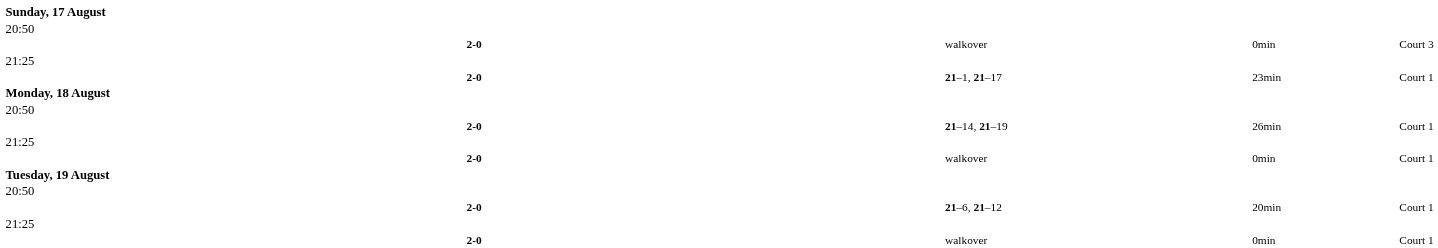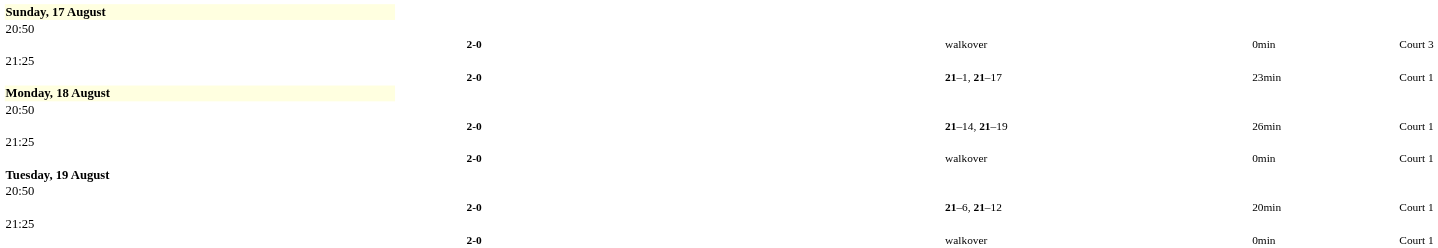 <table style="width:100%;" cellspacing="1">
 <tr>
 <th width=25%></th>
 <th width=10%></th>
 <th width=25%></th>
 </tr>
 <tr>
-<td><strong>Sunday, 17 August</strong></td>
+<td style="background: lightyellow;"><strong>Sunday, 17 August</strong></td>
 </tr>
 <tr>
 <td>20:50</td>
 </tr>
 <tr style=font-size:90%>
 <td align=right><strong><br></strong></td>
 <td align=center><strong> 2-0 </strong></td>
 <td><br></td>
 <td>walkover</td>
 <td>0min</td>
 <td>Court 3</td>
 </tr>
 <tr>
 <td>21:25</td>
 </tr>
 <tr style=font-size:90%>
 <td align=right><strong><br></strong></td>
 <td align=center><strong> 2-0 </strong></td>
 <td><br></td>
 <td><strong>21</strong>–1, <strong>21</strong>–17</td>
 <td>23min</td>
 <td>Court 1</td>
 </tr>
 <tr>
-<td><strong>Monday, 18 August</strong></td>
+<td style="background: lightyellow;"><strong>Monday, 18 August</strong></td>
 </tr>
 <tr>
 <td>20:50</td>
 </tr>
 <tr style=font-size:90%>
 <td align=right><strong><br></strong></td>
 <td align=center><strong> 2-0 </strong></td>
 <td><br></td>
 <td><strong>21</strong>–14, <strong>21</strong>–19</td>
 <td>26min</td>
 <td>Court 1</td>
 </tr>
 <tr>
 <td>21:25</td>
 </tr>
 <tr style=font-size:90%>
 <td align=right><strong><br></strong></td>
 <td align=center><strong> 2-0 </strong></td>
 <td><br></td>
 <td>walkover</td>
 <td>0min</td>
 <td>Court 1</td>
 </tr>
 <tr>
 <td><strong>Tuesday, 19 August</strong></td>
 </tr>
 <tr>
 <td>20:50</td>
 </tr>
 <tr style=font-size:90%>
 <td align=right><strong><br></strong></td>
 <td align=center><strong> 2-0 </strong></td>
 <td><br></td>
 <td><strong>21</strong>–6, <strong>21</strong>–12</td>
 <td>20min</td>
 <td>Court 1</td>
 </tr>
 <tr>
 <td>21:25</td>
 </tr>
 <tr style=font-size:90%>
 <td align=right><strong><br></strong></td>
 <td align=center><strong> 2-0 </strong></td>
 <td><br></td>
 <td>walkover</td>
 <td>0min</td>
 <td>Court 1</td>
 </tr>
 </table>
